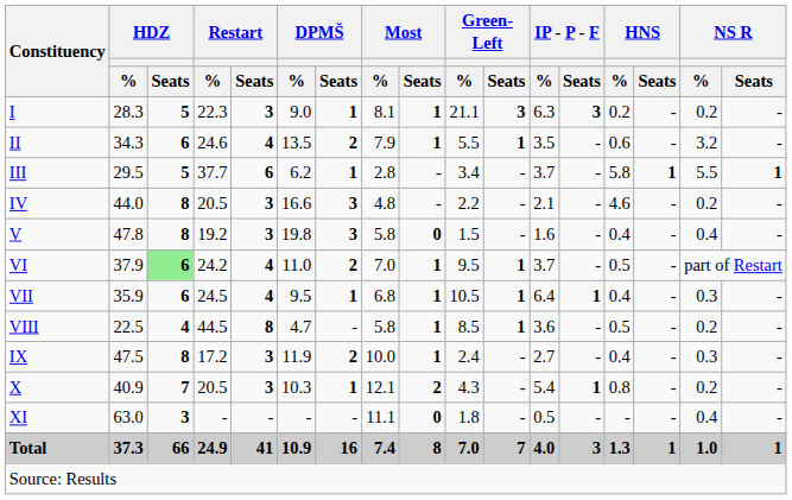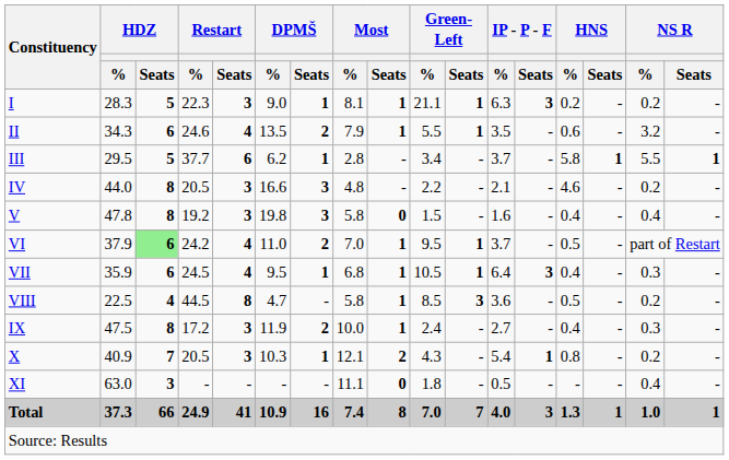 <table class="wikitable sortable" style="text-align:right; font-size:95%; line-height:20px">
 <tr>
 <th rowspan="3">Constituency</th>
 <th colspan="2" width="30px" class="unsortable"><a href='#'>HDZ</a></th>
 <th colspan="2" width="30px" class="unsortable"><a href='#'>Restart</a></th>
 <th colspan="2" width="30px" class="unsortable"><a href='#'>DPMŠ</a></th>
 <th colspan="2" width="30px" class="unsortable"><a href='#'>Most</a></th>
 <th colspan="2" width="30px" class="unsortable"><a href='#'>Green-Left</a></th>
 <th colspan="2" width="30px" class="unsortable"><a href='#'>IP</a> - <a href='#'>P</a> - <a href='#'>F</a></th>
 <th colspan="2" width="30px" class="unsortable"><a href='#'>HNS</a></th>
 <th colspan="2" width="30px" class="unsortable"><a href='#'>NS R</a></th>
 </tr>
 <tr>
 <th colspan="2" style="background:"></th>
 <th colspan="2" style="background:"></th>
 <th colspan="2" style="background:"></th>
 <th colspan="2" style="background:"></th>
 <th colspan="2" style="background:"></th>
 <th colspan="2" style="background:"></th>
 <th colspan="2" style="background:"></th>
 <th colspan="2" style="background:"></th>
 </tr>
 <tr>
 <th data-sort-type="number">%</th>
 <th data-sort-type="number">Seats</th>
 <th data-sort-type="number">%</th>
 <th data-sort-type="number">Seats</th>
 <th data-sort-type="number">%</th>
 <th data-sort-type="number">Seats</th>
 <th data-sort-type="number">%</th>
 <th data-sort-type="number">Seats</th>
 <th data-sort-type="number">%</th>
 <th data-sort-type="number">Seats</th>
 <th data-sort-type="number">%</th>
 <th data-sort-type="number">Seats</th>
 <th data-sort-type="number">%</th>
 <th data-sort-type="number">Seats</th>
 <th data-sort-type="number">%</th>
 <th data-sort-type="number">Seats</th>
 </tr>
 <tr>
 <td align="left"><a href='#'>I</a></td>
 <td style="background:">28.3</td>
 <td><strong>5</strong></td>
 <td>22.3</td>
 <td><strong>3</strong></td>
 <td>9.0</td>
 <td><strong>1</strong></td>
 <td>8.1</td>
 <td><strong>1</strong></td>
 <td>21.1</td>
-<td><strong>3</strong></td>
+<td><strong>1</strong></td>
 <td>6.3</td>
 <td><strong>3</strong></td>
 <td>0.2</td>
 <td>-</td>
 <td>0.2</td>
 <td>-</td>
 </tr>
 <tr>
 <td align="left"><a href='#'>II</a></td>
 <td style="background:">34.3</td>
 <td><strong>6</strong></td>
 <td>24.6</td>
 <td><strong>4</strong></td>
 <td>13.5</td>
 <td><strong>2</strong></td>
 <td>7.9</td>
 <td><strong>1</strong></td>
 <td>5.5</td>
 <td><strong>1</strong></td>
 <td>3.5</td>
 <td>-</td>
 <td>0.6</td>
 <td>-</td>
 <td>3.2</td>
 <td>-</td>
 </tr>
 <tr>
 <td align="left"><a href='#'>III</a></td>
 <td>29.5</td>
 <td><strong>5</strong></td>
 <td style="background:">37.7</td>
 <td><strong>6</strong></td>
 <td>6.2</td>
 <td><strong>1</strong></td>
 <td>2.8</td>
 <td>-</td>
 <td>3.4</td>
 <td>-</td>
 <td>3.7</td>
 <td>-</td>
 <td>5.8</td>
 <td><strong>1</strong></td>
 <td>5.5</td>
 <td><strong>1</strong></td>
 </tr>
 <tr>
 <td align="left"><a href='#'>IV</a></td>
 <td style="background:">44.0</td>
 <td><strong>8</strong></td>
 <td>20.5</td>
 <td><strong>3</strong></td>
 <td>16.6</td>
 <td><strong>3</strong></td>
 <td>4.8</td>
 <td>-</td>
 <td>2.2</td>
 <td>-</td>
 <td>2.1</td>
 <td>-</td>
 <td>4.6</td>
 <td>-</td>
 <td>0.2</td>
 <td>-</td>
 </tr>
 <tr>
 <td align="left"><a href='#'>V</a></td>
 <td style="background:">47.8</td>
 <td><strong>8</strong></td>
 <td>19.2</td>
 <td><strong>3</strong></td>
 <td>19.8</td>
 <td><strong>3</strong></td>
 <td>5.8</td>
 <td><strong>0</strong></td>
 <td>1.5</td>
 <td>-</td>
 <td>1.6</td>
 <td>-</td>
 <td>0.4</td>
 <td>-</td>
 <td>0.4</td>
 <td>-</td>
 </tr>
 <tr>
 <td align="left"><a href='#'>VI</a></td>
 <td style="background:">37.9</td>
 <td style="background: lightgreen;"><strong>6</strong></td>
 <td>24.2</td>
 <td><strong>4</strong></td>
 <td>11.0</td>
 <td><strong>2</strong></td>
 <td>7.0</td>
 <td><strong>1</strong></td>
 <td>9.5</td>
 <td><strong>1</strong></td>
 <td>3.7</td>
 <td>-</td>
 <td>0.5</td>
 <td>-</td>
 <td colspan="2">part of <a href='#'>Restart</a></td>
 </tr>
 <tr>
 <td align="left"><a href='#'>VII</a></td>
 <td style="background:">35.9</td>
 <td><strong>6</strong></td>
 <td>24.5</td>
 <td><strong>4</strong></td>
 <td>9.5</td>
 <td><strong>1</strong></td>
 <td>6.8</td>
 <td><strong>1</strong></td>
 <td>10.5</td>
 <td><strong>1</strong></td>
 <td>6.4</td>
-<td><strong>1</strong></td>
+<td><strong>3</strong></td>
 <td>0.4</td>
 <td>-</td>
 <td>0.3</td>
 <td>-</td>
 </tr>
 <tr>
 <td align="left"><a href='#'>VIII</a></td>
 <td>22.5</td>
 <td><strong>4</strong></td>
 <td style="background:">44.5</td>
 <td><strong>8</strong></td>
 <td>4.7</td>
 <td>-</td>
 <td>5.8</td>
 <td><strong>1</strong></td>
 <td>8.5</td>
-<td><strong>1</strong></td>
+<td><strong>3</strong></td>
 <td>3.6</td>
 <td>-</td>
 <td>0.5</td>
 <td>-</td>
 <td>0.2</td>
 <td>-</td>
 </tr>
 <tr>
 <td align="left"><a href='#'>IX</a></td>
 <td style="background:">47.5</td>
 <td><strong>8</strong></td>
 <td>17.2</td>
 <td><strong>3</strong></td>
 <td>11.9</td>
 <td><strong>2</strong></td>
 <td>10.0</td>
 <td><strong>1</strong></td>
 <td>2.4</td>
 <td>-</td>
 <td>2.7</td>
 <td>-</td>
 <td>0.4</td>
 <td>-</td>
 <td>0.3</td>
 <td>-</td>
 </tr>
 <tr>
 <td align="left"><a href='#'>X</a></td>
 <td style="background:">40.9</td>
 <td><strong>7</strong></td>
 <td>20.5</td>
 <td><strong>3</strong></td>
 <td>10.3</td>
 <td><strong>1</strong></td>
 <td>12.1</td>
 <td><strong>2</strong></td>
 <td>4.3</td>
 <td>-</td>
 <td>5.4</td>
 <td><strong>1</strong></td>
 <td>0.8</td>
 <td>-</td>
 <td>0.2</td>
 <td>-</td>
 </tr>
 <tr>
 <td align="left"><a href='#'>XI</a></td>
 <td style="background:">63.0</td>
 <td><strong>3</strong></td>
 <td>-</td>
 <td>-</td>
 <td>-</td>
 <td>-</td>
 <td>11.1</td>
 <td><strong>0</strong></td>
 <td>1.8</td>
 <td>-</td>
 <td>0.5</td>
 <td>-</td>
 <td>-</td>
 <td>-</td>
 <td>0.4</td>
 <td>-</td>
 </tr>
 <tr style="background:#CDCDCD">
 <td align="left"><strong>Total</strong></td>
 <td><strong>37.3</strong></td>
 <td><strong>66</strong></td>
 <td><strong>24.9</strong></td>
 <td><strong>41</strong></td>
 <td><strong>10.9</strong></td>
 <td><strong>16</strong></td>
 <td><strong>7.4</strong></td>
 <td><strong>8</strong></td>
 <td><strong>7.0</strong></td>
 <td><strong>7</strong></td>
 <td><strong>4.0</strong></td>
 <td><strong>3</strong></td>
 <td><strong>1.3</strong></td>
 <td><strong>1</strong></td>
 <td><strong>1.0</strong></td>
 <td><strong>1</strong></td>
 </tr>
 <tr>
 <th colspan="18" style="text-align:left; font-weight:normal; background:#F9F9F9">Source: Results</th>
 </tr>
 </table>
